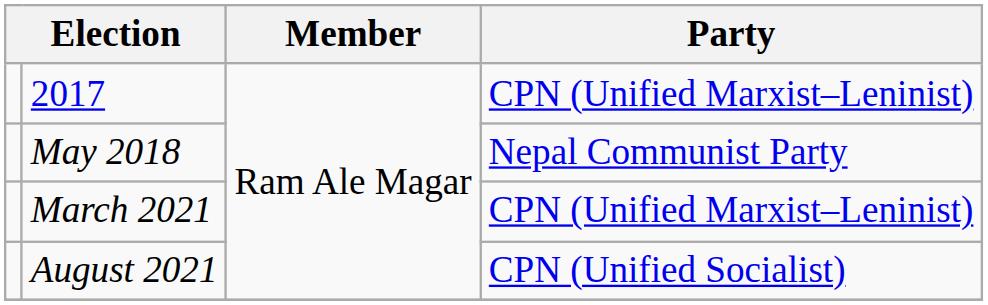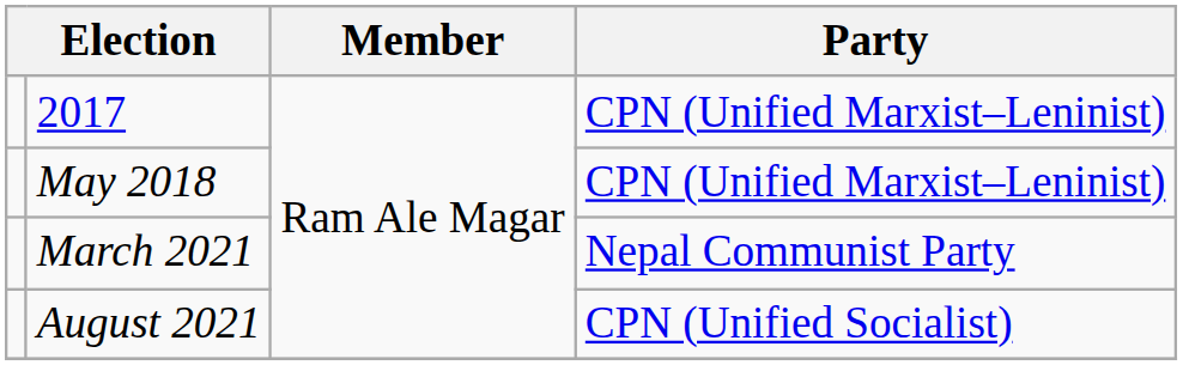 <table class="wikitable">
 <tr>
 <th colspan="2">Election</th>
 <th>Member</th>
 <th>Party</th>
 </tr>
 <tr>
 <td style="background-color:"></td>
 <td><a href='#'>2017</a></td>
 <td rowspan="4">Ram Ale Magar</td>
 <td><a href='#'>CPN (Unified Marxist–Leninist)</a></td>
 </tr>
 <tr>
 <td style="background-color:"></td>
 <td><em>May 2018</em></td>
-<td><a href='#'>Nepal Communist Party</a></td>
+<td><a href='#'>CPN (Unified Marxist–Leninist)</a></td>
 </tr>
 <tr>
 <td style="background-color:"></td>
 <td><em>March 2021</em></td>
-<td><a href='#'>CPN (Unified Marxist–Leninist)</a></td>
+<td><a href='#'>Nepal Communist Party</a></td>
 </tr>
 <tr>
 <td style="background-color:"></td>
 <td><em>August 2021</em></td>
 <td><a href='#'>CPN (Unified Socialist)</a></td>
 </tr>
 <tr>
 </tr>
 </table>
